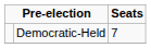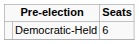 <table class= "wikitable">
 <tr>
 <td colspan= "2" rowspan= "1" align= "center" valign= "top"><strong>Pre-election</strong></td>
 <td valign= "top"><strong>Seats</strong><br></td>
 </tr>
 <tr>
 <td style="background-color:"> </td>
 <td>Democratic-Held</td>
-<td>7</td>
+<td>6</td>
 </tr>
 <tr>
 </tr>
 </table>
